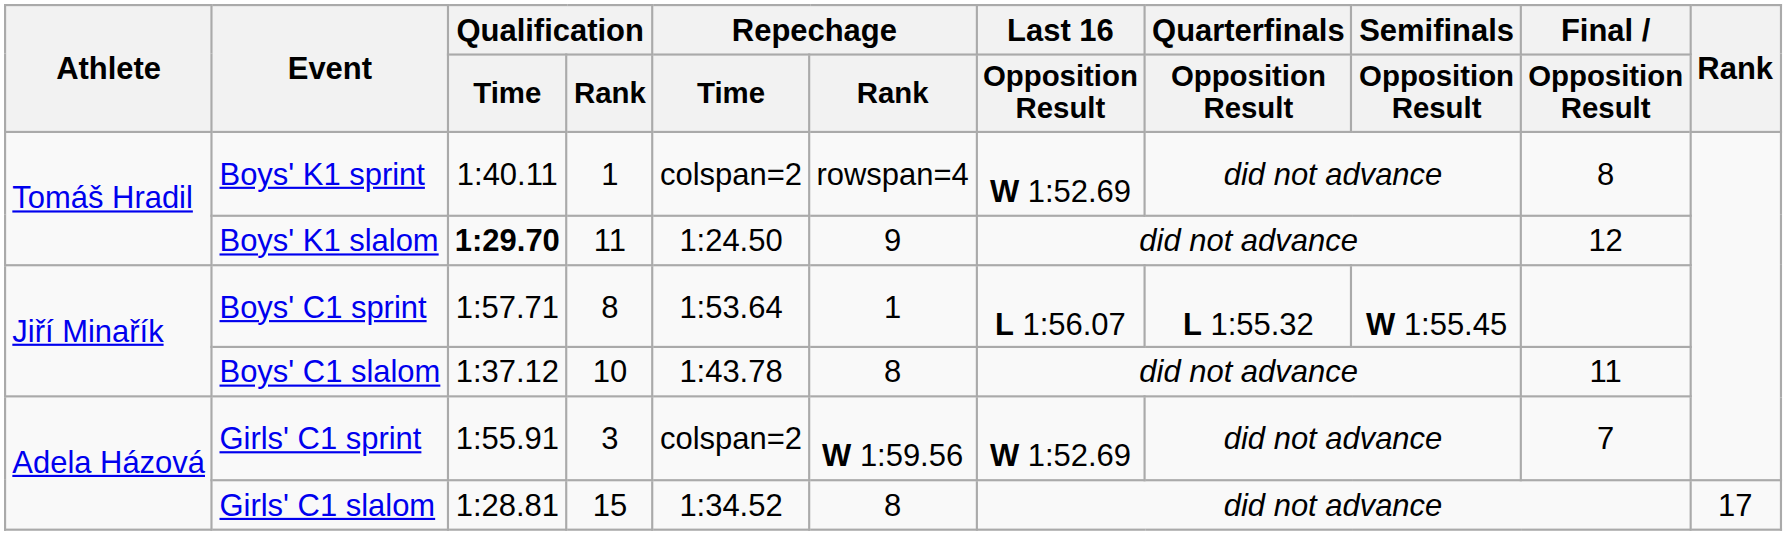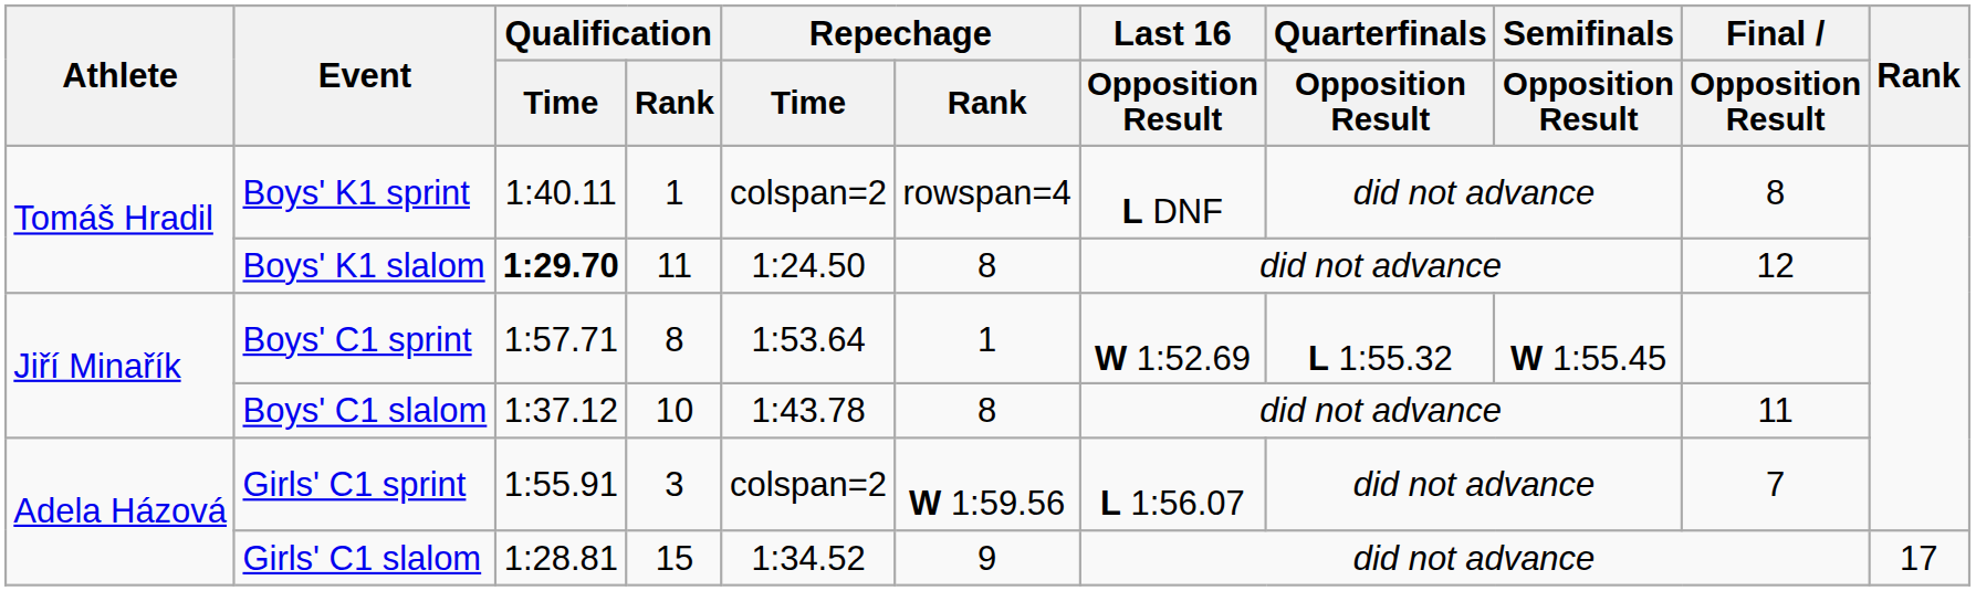 <table class="wikitable" style="font-size:90%">
 <tr>
 <th rowspan=2>Athlete</th>
 <th rowspan=2>Event</th>
 <th colspan=2>Qualification</th>
 <th colspan=2>Repechage</th>
 <th>Last 16</th>
 <th>Quarterfinals</th>
 <th>Semifinals</th>
 <th>Final / </th>
 <th rowspan=2>Rank</th>
 </tr>
 <tr style="font-size:95%">
 <th>Time</th>
 <th>Rank</th>
 <th>Time</th>
 <th>Rank</th>
 <th>Opposition <br>Result</th>
 <th>Opposition <br>Result</th>
 <th>Opposition <br>Result</th>
 <th>Opposition <br>Result</th>
 </tr>
 <tr align=center>
 <td align=left rowspan=2><a href='#'>Tomáš Hradil</a></td>
 <td align=left><a href='#'>Boys' K1 sprint</a></td>
 <td>1:40.11</td>
 <td>1</td>
 <td>colspan=2 </td>
 <td>rowspan=4 </td>
-<td><br><strong>W</strong> 1:52.69</td>
+<td><br><strong>L</strong> DNF</td>
 <td colspan="2"><em>did not advance</em></td>
 <td>8</td>
 </tr>
 <tr align=center>
 <td align=left><a href='#'>Boys' K1 slalom</a></td>
 <td><strong>1:29.70</strong></td>
 <td>11</td>
 <td>1:24.50</td>
-<td>9</td>
+<td>8</td>
 <td colspan="3"><em>did not advance</em></td>
 <td>12</td>
 </tr>
 <tr align=center>
 <td align=left rowspan=2><a href='#'>Jiří Minařík</a></td>
 <td align=left><a href='#'>Boys' C1 sprint</a></td>
 <td>1:57.71</td>
 <td>8</td>
 <td>1:53.64</td>
 <td>1</td>
-<td><br><strong>L</strong> 1:56.07</td>
+<td><br><strong>W</strong> 1:52.69</td>
 <td><br><strong>L</strong> 1:55.32</td>
 <td><br><strong>W</strong> 1:55.45</td>
 <td></td>
 </tr>
 <tr align=center>
 <td align=left><a href='#'>Boys' C1 slalom</a></td>
 <td>1:37.12</td>
 <td>10</td>
 <td>1:43.78</td>
 <td>8</td>
 <td colspan="3"><em>did not advance</em></td>
 <td>11</td>
 </tr>
 <tr align=center>
 <td align=left rowspan=2><a href='#'>Adela Házová</a></td>
 <td align=left><a href='#'>Girls' C1 sprint</a></td>
 <td>1:55.91</td>
 <td>3</td>
 <td>colspan=2 </td>
 <td><br><strong>W</strong> 1:59.56</td>
-<td><br><strong>W</strong> 1:52.69</td>
+<td><br><strong>L</strong> 1:56.07</td>
 <td colspan="2"><em>did not advance</em></td>
 <td>7</td>
 </tr>
 <tr align=center>
 <td align=left><a href='#'>Girls' C1 slalom</a></td>
 <td>1:28.81</td>
 <td>15</td>
 <td>1:34.52</td>
-<td>8</td>
+<td>9</td>
 <td colspan="4"><em>did not advance</em></td>
 <td>17</td>
 </tr>
 </table>
